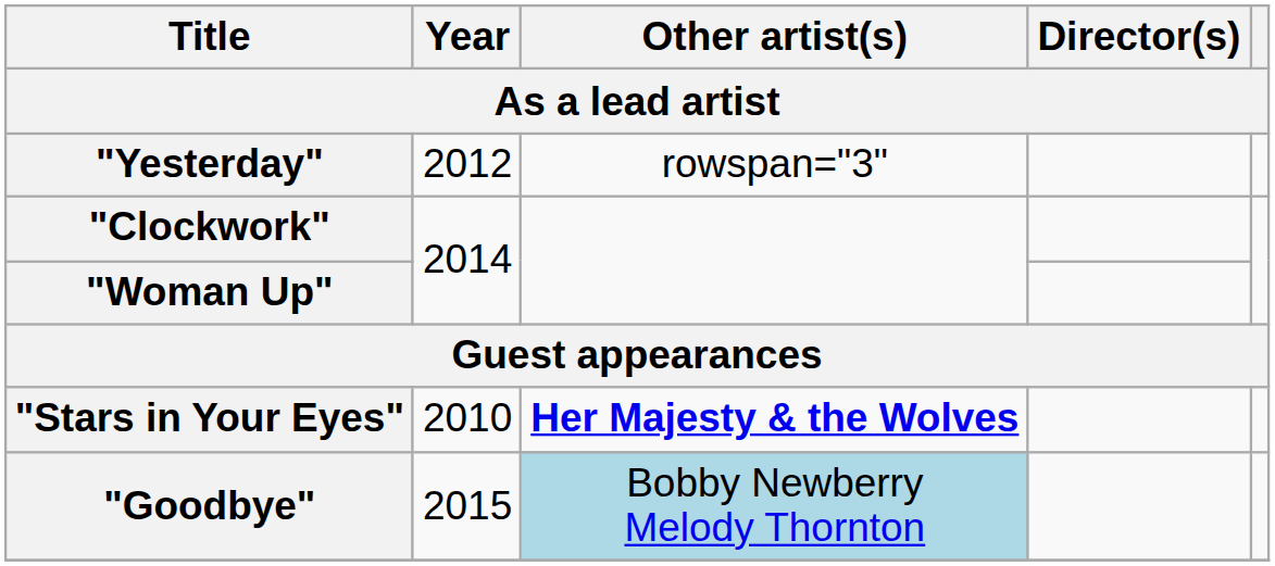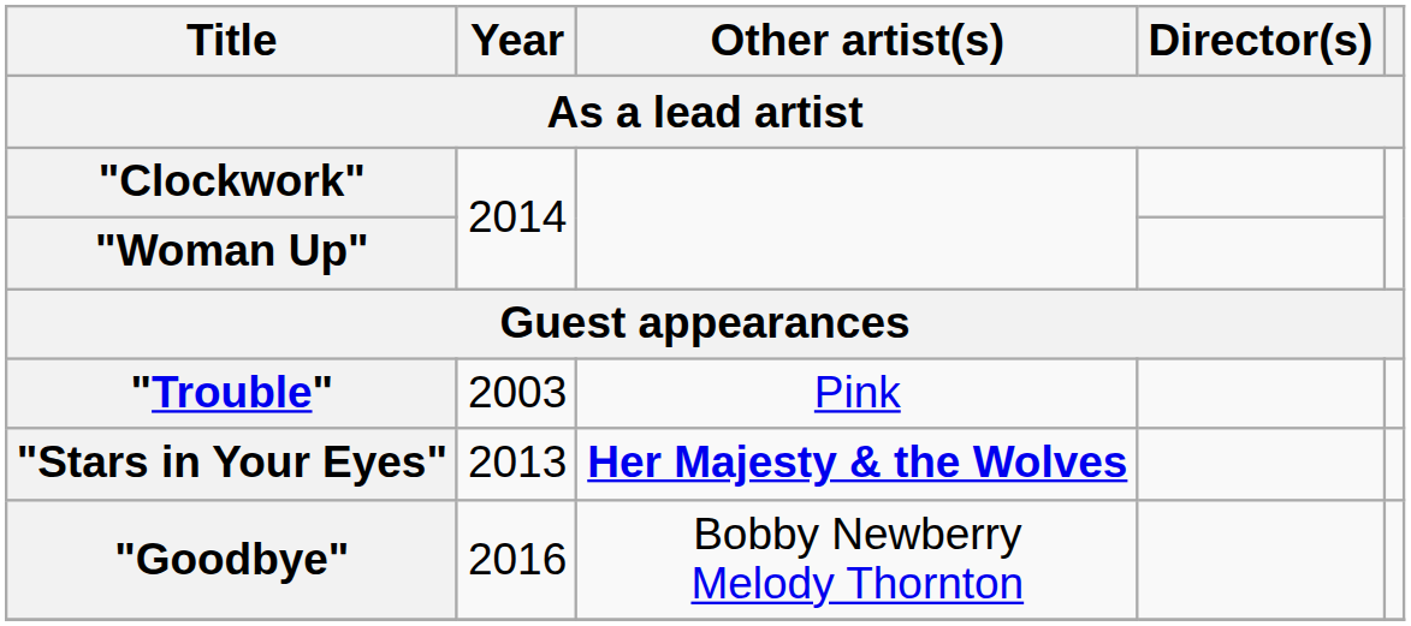 <table class="wikitable sortable plainrowheaders" style="text-align: center;">
 <tr>
 <th scope="col">Title</th>
 <th scope="col">Year</th>
 <th scope="col">Other artist(s)</th>
 <th scope="col">Director(s)</th>
 <th scope="col" class="unsortable"></th>
 </tr>
 <tr>
 <th scope="col" colspan="5">As a lead artist</th>
-</tr>
-<tr>
-<th scope="row">"Yesterday"</th>
-<td>2012</td>
-<td>rowspan="3" </td>
-<td></td>
-<td></td>
 </tr>
 <tr>
 <th scope="row">"Clockwork"</th>
 <td rowspan="2">2014</td>
 <td rowspan="2"></td>
 <td></td>
 </tr>
 <tr>
 <th scope="row">"Woman Up"</th>
 <td></td>
 </tr>
 <tr>
 <th scope="col" colspan="5">Guest appearances</th>
 </tr>
 <tr>
+<th scope="row">"<a href='#'>Trouble</a>"</th>
+<td>2003</td>
+<td><a href='#'>Pink</a></td>
+<td></td>
+<td></td>
+</tr>
+<tr>
 <th scope="row">"Stars in Your Eyes"</th>
-<td>2010</td>
+<td>2013</td>
 <td><strong><a href='#'>Her Majesty & the Wolves</a></strong></td>
 <td></td>
 <td></td>
 </tr>
 <tr>
 <th scope="row">"Goodbye"</th>
-<td>2015</td>
-<td style="background: lightblue;">Bobby Newberry <br> <a href='#'>Melody Thornton</a></td>
+<td>2016</td>
+<td>Bobby Newberry <br> <a href='#'>Melody Thornton</a></td>
 <td></td>
 <td></td>
 </tr>
 <tr>
 </tr>
 </table>
